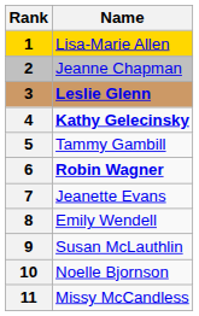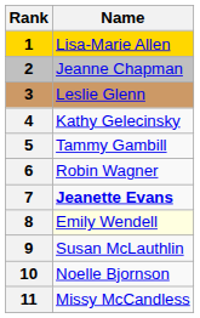 <table class="wikitable">
 <tr>
 <th>Rank</th>
 <th>Name</th>
 </tr>
 <tr bgcolor="gold">
 <td align="center"><strong>1</strong></td>
 <td><a href='#'>Lisa-Marie Allen</a></td>
 </tr>
 <tr bgcolor="silver">
 <td align="center"><strong>2</strong></td>
 <td><a href='#'>Jeanne Chapman</a></td>
 </tr>
 <tr bgcolor="cc9966">
 <td align="center"><strong>3</strong></td>
-<td><strong><a href='#'>Leslie Glenn</a></strong></td>
+<td><a href='#'>Leslie Glenn</a></td>
 </tr>
 <tr>
 <th>4</th>
-<td><strong><a href='#'>Kathy Gelecinsky</a></strong></td>
+<td><a href='#'>Kathy Gelecinsky</a></td>
 </tr>
 <tr>
 <th>5</th>
 <td><a href='#'>Tammy Gambill</a></td>
 </tr>
 <tr>
 <th>6</th>
-<td><strong><a href='#'>Robin Wagner</a></strong></td>
+<td><a href='#'>Robin Wagner</a></td>
 </tr>
 <tr>
 <th>7</th>
-<td><a href='#'>Jeanette Evans</a></td>
+<td><strong><a href='#'>Jeanette Evans</a></strong></td>
 </tr>
 <tr>
 <th>8</th>
-<td><a href='#'>Emily Wendell</a></td>
+<td style="background: lightyellow;"><a href='#'>Emily Wendell</a></td>
 </tr>
 <tr>
 <th>9</th>
 <td><a href='#'>Susan McLauthlin</a></td>
 </tr>
 <tr>
 <th>10</th>
 <td><a href='#'>Noelle Bjornson</a></td>
 </tr>
 <tr>
 <th>11</th>
 <td><a href='#'>Missy McCandless</a></td>
 </tr>
 </table>
